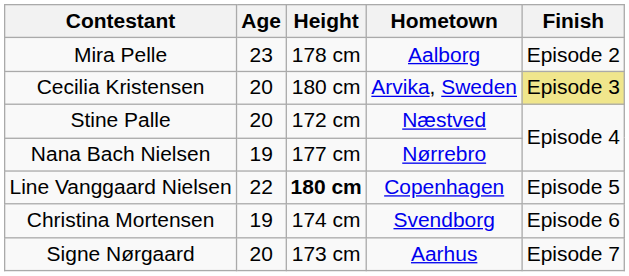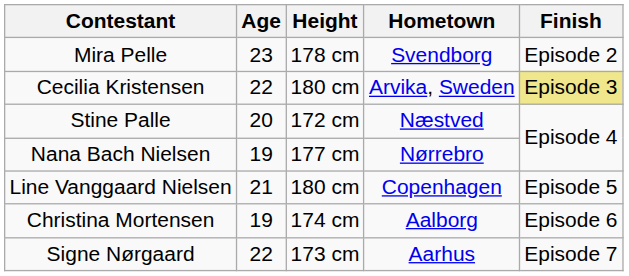 <table class="wikitable" style="text-align:center;">
 <tr>
 <th colspan="1">Contestant</th>
 <th colspan="1">Age</th>
 <th colspan="1">Height</th>
 <th colspan="1">Hometown</th>
 <th colspan="1">Finish</th>
 </tr>
 <tr>
 <td>Mira Pelle</td>
 <td>23</td>
 <td>178 cm</td>
-<td><a href='#'>Aalborg</a></td>
+<td><a href='#'>Svendborg</a></td>
 <td>Episode 2</td>
 </tr>
 <tr>
 <td>Cecilia Kristensen</td>
-<td>20</td>
+<td>22</td>
 <td>180 cm</td>
 <td><a href='#'>Arvika</a>, <a href='#'>Sweden</a></td>
 <td style="background: khaki;">Episode 3</td>
 </tr>
 <tr>
 <td>Stine Palle</td>
 <td>20</td>
 <td>172 cm</td>
 <td><a href='#'>Næstved</a></td>
 <td rowspan="2">Episode 4</td>
 </tr>
 <tr>
 <td>Nana Bach Nielsen</td>
 <td>19</td>
 <td>177 cm</td>
 <td><a href='#'>Nørrebro</a></td>
 </tr>
 <tr>
 <td>Line Vanggaard Nielsen</td>
-<td>22</td>
-<td><strong>180 cm</strong></td>
+<td>21</td>
+<td>180 cm</td>
 <td><a href='#'>Copenhagen</a></td>
 <td>Episode 5</td>
 </tr>
 <tr>
 <td>Christina Mortensen</td>
 <td>19</td>
 <td>174 cm</td>
-<td><a href='#'>Svendborg</a></td>
+<td><a href='#'>Aalborg</a></td>
 <td>Episode 6</td>
 </tr>
 <tr>
 <td>Signe Nørgaard</td>
-<td>20</td>
+<td>22</td>
 <td>173 cm</td>
 <td><a href='#'>Aarhus</a></td>
 <td>Episode 7</td>
 </tr>
 </table>
